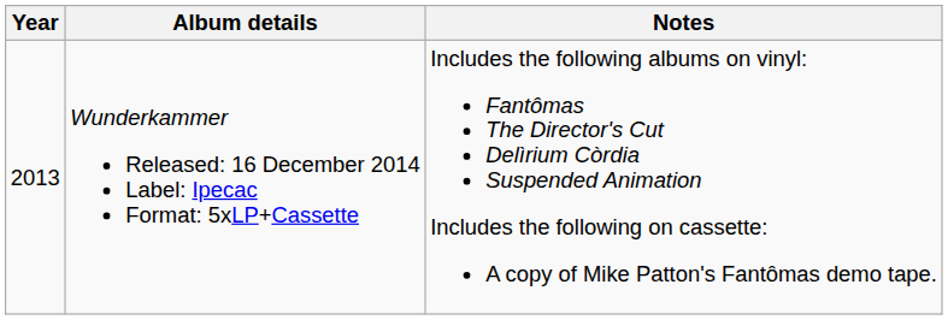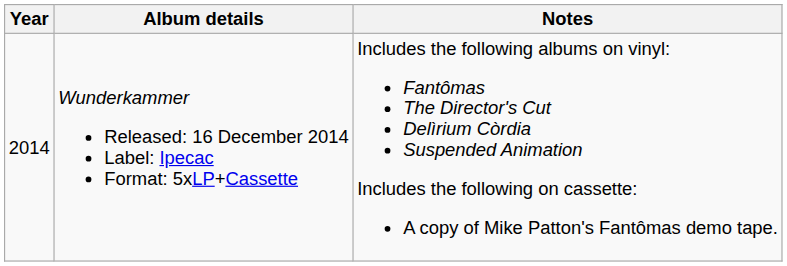 <table class="wikitable">
 <tr>
 <th>Year</th>
 <th>Album details</th>
 <th>Notes</th>
 </tr>
 <tr>
-<td>2013</td>
+<td>2014</td>
 <td style="text-align:left;"><em>Wunderkammer</em><br><ul><li>Released: 16 December 2014</li><li>Label: <a href='#'>Ipecac</a></li><li>Format: 5x<a href='#'>LP</a>+<a href='#'>Cassette</a></li></ul></td>
 <td>Includes the following albums on vinyl:<br><ul><li><em>Fantômas</em></li><li><em>The Director's Cut</em></li><li><em>Delìrium Còrdia</em></li><li><em>Suspended Animation</em></li></ul>Includes the following on cassette:<ul><li>A copy of Mike Patton's Fantômas demo tape.</li></ul></td>
 </tr>
 </table>
